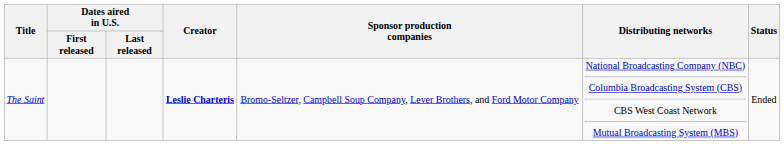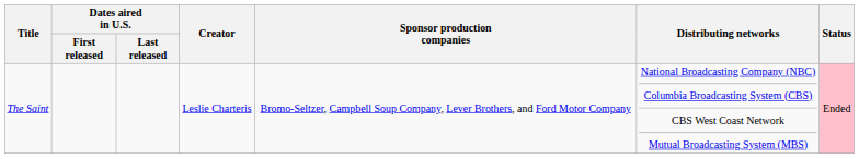 <table class="wikitable" style="text-align:center; width:99%;">
 <tr>
 <th rowspan="2">Title</th>
 <th style="width:15%;" colspan="2">Dates aired <br>in U.S.</th>
 <th rowspan="2">Creator</th>
 <th rowspan="2">Sponsor production <br>companies</th>
 <th rowspan="2">Distributing networks</th>
 <th rowspan="2">Status</th>
 </tr>
 <tr>
 <th>First released</th>
 <th>Last released</th>
 </tr>
 <tr>
 <td style="text-align:left;"><em><a href='#'>The Saint</a></em></td>
 <td></td>
 <td></td>
-<td><strong><a href='#'>Leslie Charteris</a></strong></td>
+<td><a href='#'>Leslie Charteris</a></td>
 <td><a href='#'>Bromo-Seltzer</a>, <a href='#'>Campbell Soup Company</a>, <a href='#'>Lever Brothers</a>, and <a href='#'>Ford Motor Company</a></td>
 <td><a href='#'>National Broadcasting Company (NBC)</a> <hr><a href='#'>Columbia Broadcasting System (CBS)</a> <hr>CBS West Coast Network <hr><a href='#'>Mutual Broadcasting System (MBS)</a></td>
-<td>Ended</td>
+<td style="background: pink;">Ended</td>
 </tr>
 </table>
